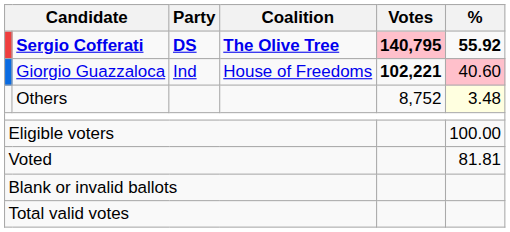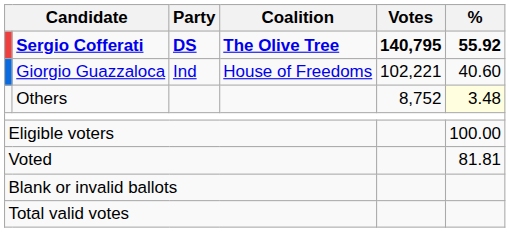 <table class="wikitable centre">
 <tr>
 <th scope="col" colspan=2>Candidate</th>
 <th scope="col">Party</th>
 <th scope="col">Coalition</th>
 <th scope="col">Votes</th>
 <th scope="col">%</th>
 </tr>
 <tr>
 <td bgcolor="#EF3E3E"></td>
 <td><strong><a href='#'>Sergio Cofferati</a></strong></td>
 <td><strong><a href='#'>DS</a></strong></td>
 <td><strong><a href='#'>The Olive Tree</a></strong></td>
-<td style="background: pink; text-align: right"><strong>140,795</strong></td>
+<td style="text-align: right"><strong>140,795</strong></td>
 <td style="text-align: right"><strong>55.92</strong></td>
 </tr>
 <tr>
 <td bgcolor="#0A6BE1"></td>
 <td><a href='#'>Giorgio Guazzaloca</a></td>
 <td><a href='#'>Ind</a></td>
 <td><a href='#'>House of Freedoms</a></td>
-<td style="text-align: right"><strong>102,221</strong></td>
-<td style="background: pink; text-align: right">40.60</td>
+<td style="text-align: right">102,221</td>
+<td style="text-align: right">40.60</td>
 </tr>
 <tr>
 <td bgcolor=""></td>
 <td>Others</td>
 <td></td>
 <td></td>
 <td style="text-align: right">8,752</td>
 <td style="background: lightyellow; text-align: right">3.48</td>
 </tr>
 <tr bgcolor=white>
 <td colspan=8></td>
 </tr>
 <tr>
 <td colspan=4>Eligible voters</td>
 <td style="text-align: right"></td>
 <td style="text-align: right">100.00</td>
 </tr>
 <tr>
 <td colspan=4>Voted</td>
 <td style="text-align: right"></td>
 <td style="text-align: right">81.81</td>
 </tr>
 <tr>
 <td colspan=4>Blank or invalid ballots</td>
 <td style="text-align: right"></td>
 <td style="text-align: right"></td>
 </tr>
 <tr>
 <td colspan=4>Total valid votes</td>
 <td style="text-align: right"></td>
 <td style="text-align: right"></td>
 </tr>
 </table>
